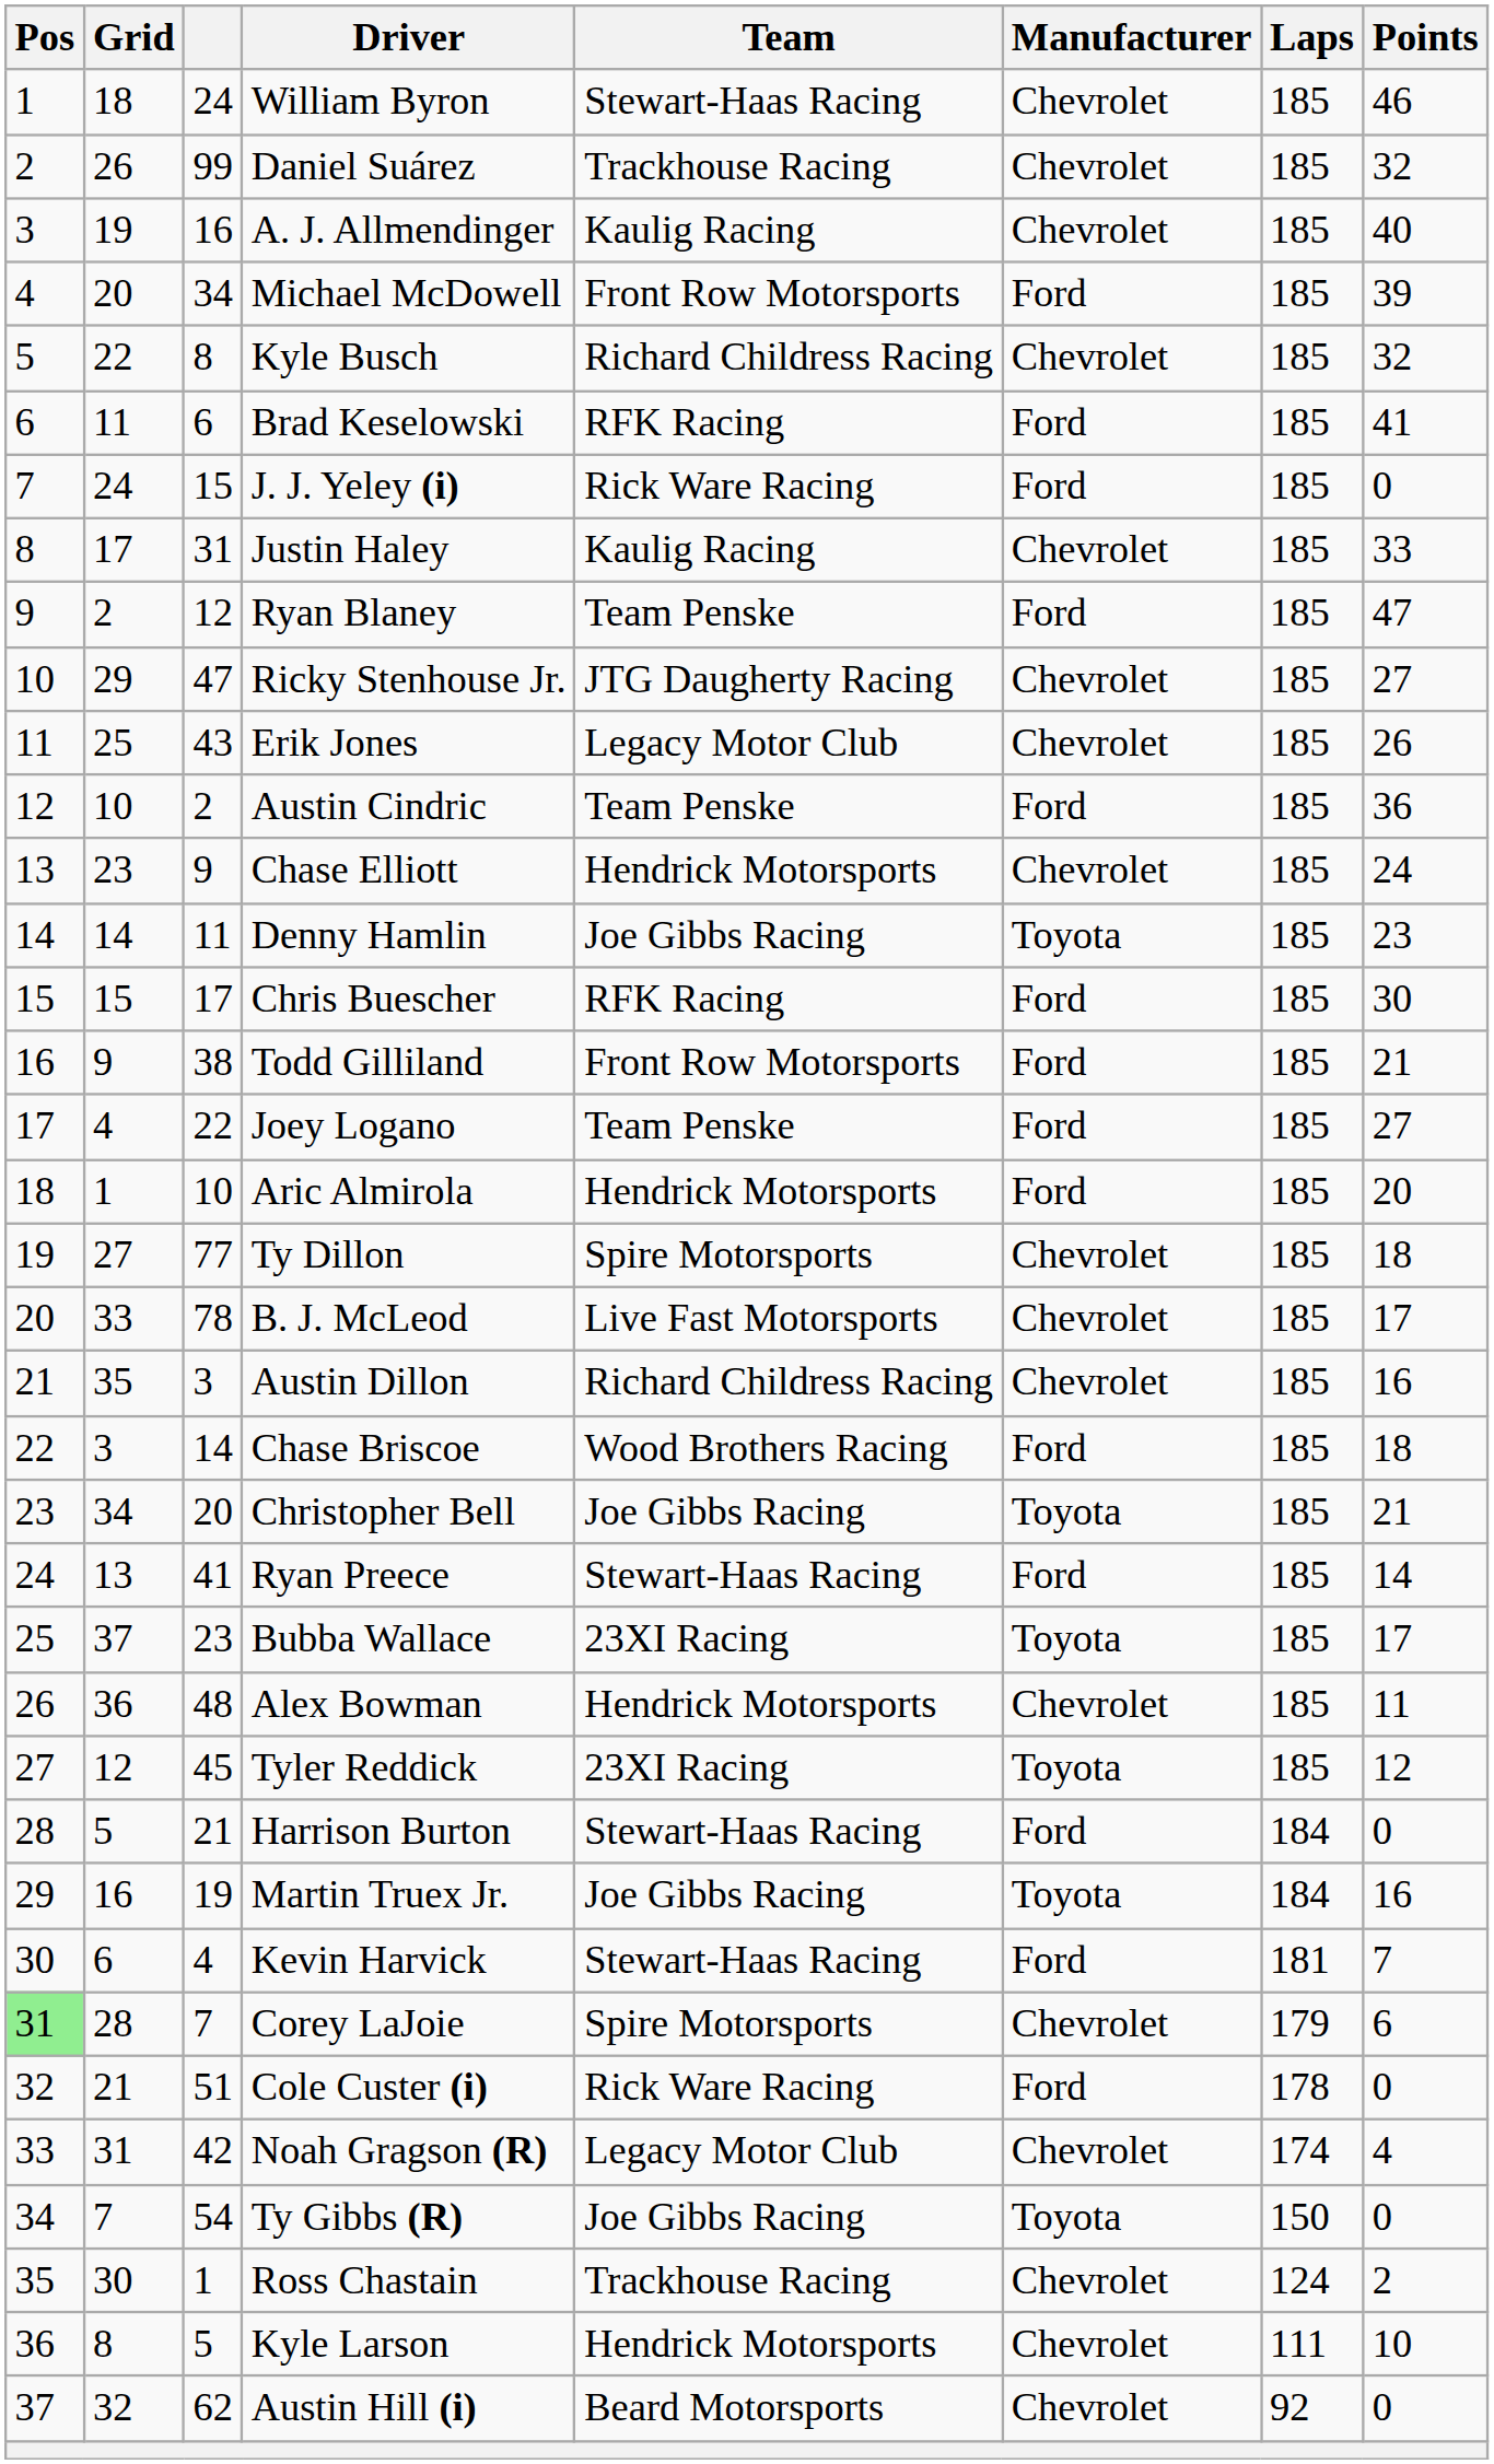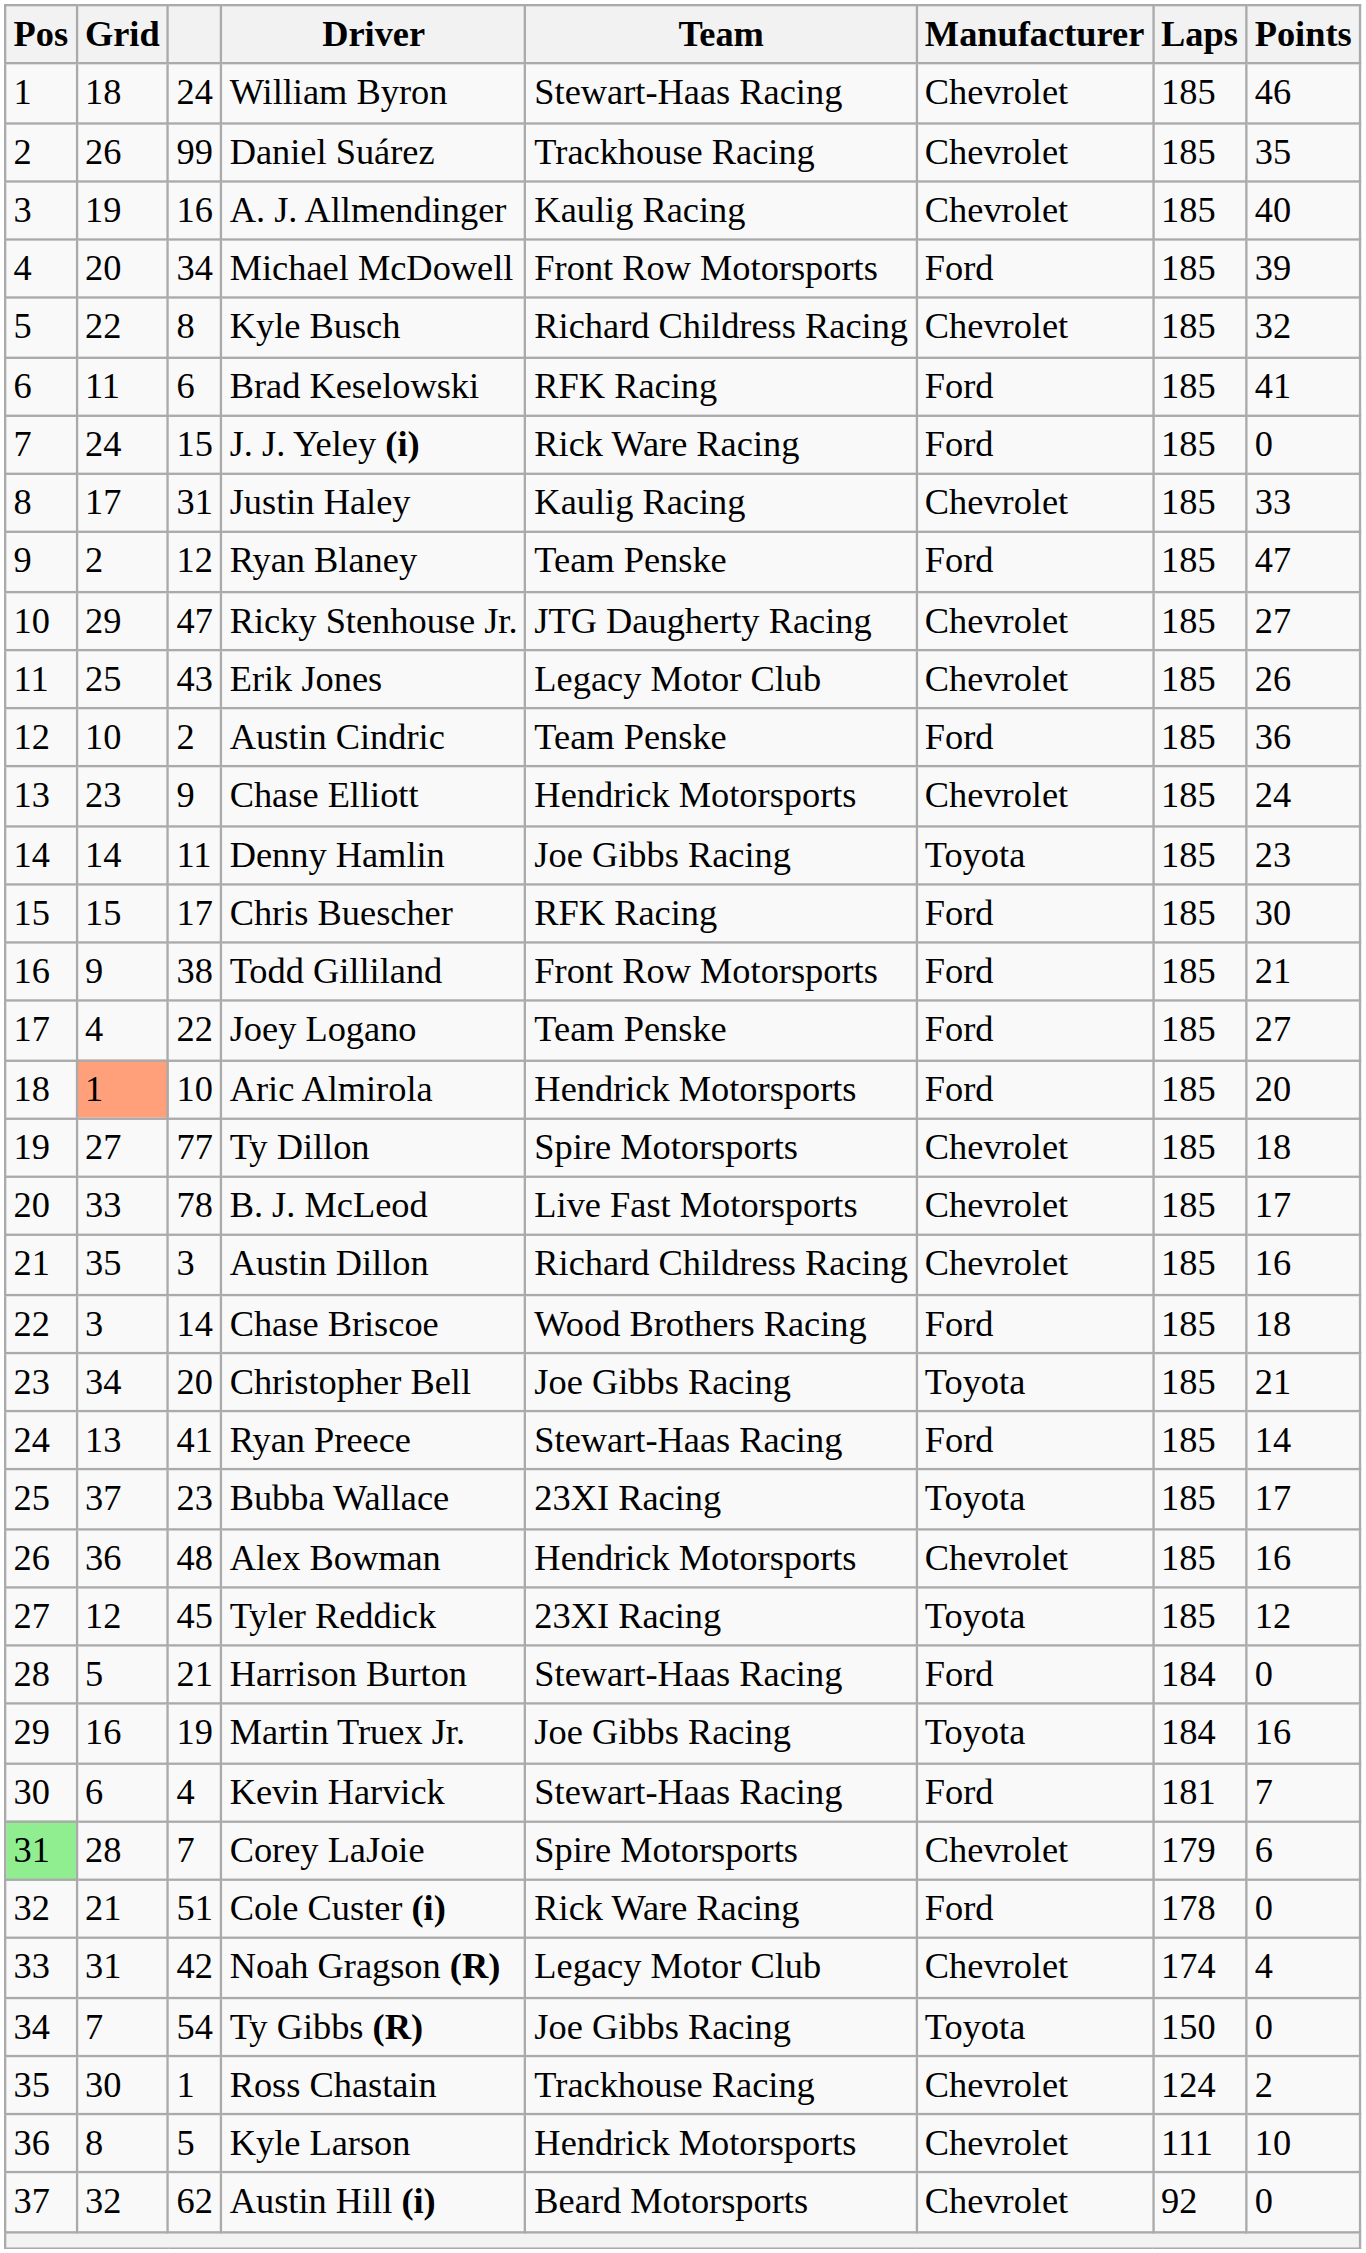 <table class="wikitable" style="font-size:98%">
 <tr>
 <th>Pos</th>
 <th>Grid</th>
 <th></th>
 <th>Driver</th>
 <th>Team</th>
 <th>Manufacturer</th>
 <th>Laps</th>
 <th>Points</th>
 </tr>
 <tr>
 <td>1</td>
 <td>18</td>
 <td>24</td>
 <td>William Byron</td>
 <td>Stewart-Haas Racing</td>
 <td>Chevrolet</td>
 <td>185</td>
 <td>46</td>
 </tr>
 <tr>
 <td>2</td>
 <td>26</td>
 <td>99</td>
 <td>Daniel Suárez</td>
 <td>Trackhouse Racing</td>
 <td>Chevrolet</td>
 <td>185</td>
-<td>32</td>
+<td>35</td>
 </tr>
 <tr>
 <td>3</td>
 <td>19</td>
 <td>16</td>
 <td>A. J. Allmendinger</td>
 <td>Kaulig Racing</td>
 <td>Chevrolet</td>
 <td>185</td>
 <td>40</td>
 </tr>
 <tr>
 <td>4</td>
 <td>20</td>
 <td>34</td>
 <td>Michael McDowell</td>
 <td>Front Row Motorsports</td>
 <td>Ford</td>
 <td>185</td>
 <td>39</td>
 </tr>
 <tr>
 <td>5</td>
 <td>22</td>
 <td>8</td>
 <td>Kyle Busch</td>
 <td>Richard Childress Racing</td>
 <td>Chevrolet</td>
 <td>185</td>
 <td>32</td>
 </tr>
 <tr>
 <td>6</td>
 <td>11</td>
 <td>6</td>
 <td>Brad Keselowski</td>
 <td>RFK Racing</td>
 <td>Ford</td>
 <td>185</td>
 <td>41</td>
 </tr>
 <tr>
 <td>7</td>
 <td>24</td>
 <td>15</td>
 <td>J. J. Yeley <strong>(i)</strong></td>
 <td>Rick Ware Racing</td>
 <td>Ford</td>
 <td>185</td>
 <td>0</td>
 </tr>
 <tr>
 <td>8</td>
 <td>17</td>
 <td>31</td>
 <td>Justin Haley</td>
 <td>Kaulig Racing</td>
 <td>Chevrolet</td>
 <td>185</td>
 <td>33</td>
 </tr>
 <tr>
 <td>9</td>
 <td>2</td>
 <td>12</td>
 <td>Ryan Blaney</td>
 <td>Team Penske</td>
 <td>Ford</td>
 <td>185</td>
 <td>47</td>
 </tr>
 <tr>
 <td>10</td>
 <td>29</td>
 <td>47</td>
 <td>Ricky Stenhouse Jr.</td>
 <td>JTG Daugherty Racing</td>
 <td>Chevrolet</td>
 <td>185</td>
 <td>27</td>
 </tr>
 <tr>
 <td>11</td>
 <td>25</td>
 <td>43</td>
 <td>Erik Jones</td>
 <td>Legacy Motor Club</td>
 <td>Chevrolet</td>
 <td>185</td>
 <td>26</td>
 </tr>
 <tr>
 <td>12</td>
 <td>10</td>
 <td>2</td>
 <td>Austin Cindric</td>
 <td>Team Penske</td>
 <td>Ford</td>
 <td>185</td>
 <td>36</td>
 </tr>
 <tr>
 <td>13</td>
 <td>23</td>
 <td>9</td>
 <td>Chase Elliott</td>
 <td>Hendrick Motorsports</td>
 <td>Chevrolet</td>
 <td>185</td>
 <td>24</td>
 </tr>
 <tr>
 <td>14</td>
 <td>14</td>
 <td>11</td>
 <td>Denny Hamlin</td>
 <td>Joe Gibbs Racing</td>
 <td>Toyota</td>
 <td>185</td>
 <td>23</td>
 </tr>
 <tr>
 <td>15</td>
 <td>15</td>
 <td>17</td>
 <td>Chris Buescher</td>
 <td>RFK Racing</td>
 <td>Ford</td>
 <td>185</td>
 <td>30</td>
 </tr>
 <tr>
 <td>16</td>
 <td>9</td>
 <td>38</td>
 <td>Todd Gilliland</td>
 <td>Front Row Motorsports</td>
 <td>Ford</td>
 <td>185</td>
 <td>21</td>
 </tr>
 <tr>
 <td>17</td>
 <td>4</td>
 <td>22</td>
 <td>Joey Logano</td>
 <td>Team Penske</td>
 <td>Ford</td>
 <td>185</td>
 <td>27</td>
 </tr>
 <tr>
 <td>18</td>
-<td>1</td>
+<td style="background: lightsalmon;">1</td>
 <td>10</td>
 <td>Aric Almirola</td>
 <td>Hendrick Motorsports</td>
 <td>Ford</td>
 <td>185</td>
 <td>20</td>
 </tr>
 <tr>
 <td>19</td>
 <td>27</td>
 <td>77</td>
 <td>Ty Dillon</td>
 <td>Spire Motorsports</td>
 <td>Chevrolet</td>
 <td>185</td>
 <td>18</td>
 </tr>
 <tr>
 <td>20</td>
 <td>33</td>
 <td>78</td>
 <td>B. J. McLeod</td>
 <td>Live Fast Motorsports</td>
 <td>Chevrolet</td>
 <td>185</td>
 <td>17</td>
 </tr>
 <tr>
 <td>21</td>
 <td>35</td>
 <td>3</td>
 <td>Austin Dillon</td>
 <td>Richard Childress Racing</td>
 <td>Chevrolet</td>
 <td>185</td>
 <td>16</td>
 </tr>
 <tr>
 <td>22</td>
 <td>3</td>
 <td>14</td>
 <td>Chase Briscoe</td>
 <td>Wood Brothers Racing</td>
 <td>Ford</td>
 <td>185</td>
 <td>18</td>
 </tr>
 <tr>
 <td>23</td>
 <td>34</td>
 <td>20</td>
 <td>Christopher Bell</td>
 <td>Joe Gibbs Racing</td>
 <td>Toyota</td>
 <td>185</td>
 <td>21</td>
 </tr>
 <tr>
 <td>24</td>
 <td>13</td>
 <td>41</td>
 <td>Ryan Preece</td>
 <td>Stewart-Haas Racing</td>
 <td>Ford</td>
 <td>185</td>
 <td>14</td>
 </tr>
 <tr>
 <td>25</td>
 <td>37</td>
 <td>23</td>
 <td>Bubba Wallace</td>
 <td>23XI Racing</td>
 <td>Toyota</td>
 <td>185</td>
 <td>17</td>
 </tr>
 <tr>
 <td>26</td>
 <td>36</td>
 <td>48</td>
 <td>Alex Bowman</td>
 <td>Hendrick Motorsports</td>
 <td>Chevrolet</td>
 <td>185</td>
-<td>11</td>
+<td>16</td>
 </tr>
 <tr>
 <td>27</td>
 <td>12</td>
 <td>45</td>
 <td>Tyler Reddick</td>
 <td>23XI Racing</td>
 <td>Toyota</td>
 <td>185</td>
 <td>12</td>
 </tr>
 <tr>
 <td>28</td>
 <td>5</td>
 <td>21</td>
 <td>Harrison Burton</td>
 <td>Stewart-Haas Racing</td>
 <td>Ford</td>
 <td>184</td>
 <td>0</td>
 </tr>
 <tr>
 <td>29</td>
 <td>16</td>
 <td>19</td>
 <td>Martin Truex Jr.</td>
 <td>Joe Gibbs Racing</td>
 <td>Toyota</td>
 <td>184</td>
 <td>16</td>
 </tr>
 <tr>
 <td>30</td>
 <td>6</td>
 <td>4</td>
 <td>Kevin Harvick</td>
 <td>Stewart-Haas Racing</td>
 <td>Ford</td>
 <td>181</td>
 <td>7</td>
 </tr>
 <tr>
 <td style="background: lightgreen;">31</td>
 <td>28</td>
 <td>7</td>
 <td>Corey LaJoie</td>
 <td>Spire Motorsports</td>
 <td>Chevrolet</td>
 <td>179</td>
 <td>6</td>
 </tr>
 <tr>
 <td>32</td>
 <td>21</td>
 <td>51</td>
 <td>Cole Custer <strong>(i)</strong></td>
 <td>Rick Ware Racing</td>
 <td>Ford</td>
 <td>178</td>
 <td>0</td>
 </tr>
 <tr>
 <td>33</td>
 <td>31</td>
 <td>42</td>
 <td>Noah Gragson <strong>(R)</strong></td>
 <td>Legacy Motor Club</td>
 <td>Chevrolet</td>
 <td>174</td>
 <td>4</td>
 </tr>
 <tr>
 <td>34</td>
 <td>7</td>
 <td>54</td>
 <td>Ty Gibbs <strong>(R)</strong></td>
 <td>Joe Gibbs Racing</td>
 <td>Toyota</td>
 <td>150</td>
 <td>0</td>
 </tr>
 <tr>
 <td>35</td>
 <td>30</td>
 <td>1</td>
 <td>Ross Chastain</td>
 <td>Trackhouse Racing</td>
 <td>Chevrolet</td>
 <td>124</td>
 <td>2</td>
 </tr>
 <tr>
 <td>36</td>
 <td>8</td>
 <td>5</td>
 <td>Kyle Larson</td>
 <td>Hendrick Motorsports</td>
 <td>Chevrolet</td>
 <td>111</td>
 <td>10</td>
 </tr>
 <tr>
 <td>37</td>
 <td>32</td>
 <td>62</td>
 <td>Austin Hill <strong>(i)</strong></td>
 <td>Beard Motorsports</td>
 <td>Chevrolet</td>
 <td>92</td>
 <td>0</td>
 </tr>
 <tr>
 <th colspan="8"></th>
 </tr>
 </table>
